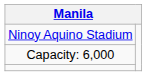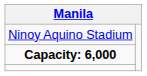 <table class="wikitable" style="margin:1em auto; text-align:center">
 <tr>
 <th colspan=2><a href='#'>Manila</a></th>
 </tr>
 <tr>
 <td><a href='#'>Ninoy Aquino Stadium</a></td>
 <td rowspan=3></td>
 </tr>
 <tr>
-<td>Capacity: 6,000</td>
+<td><strong>Capacity: 6,000</strong></td>
 </tr>
 <tr>
 <td></td>
 </tr>
 </table>
